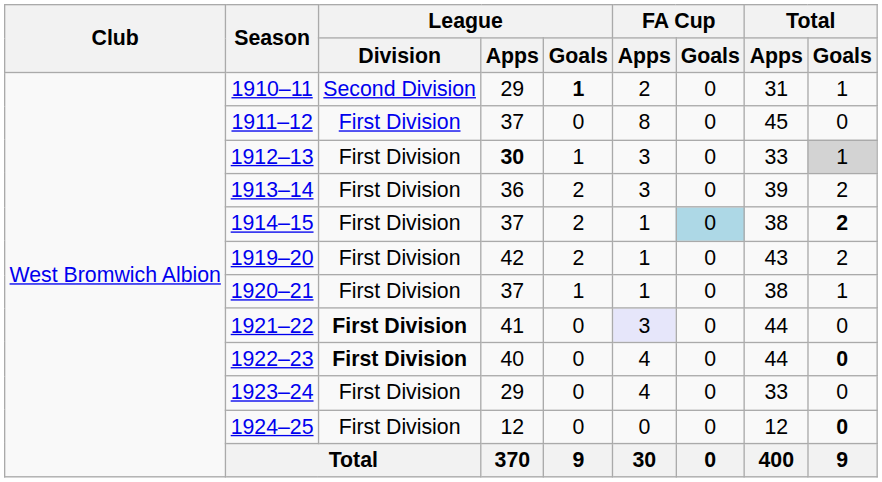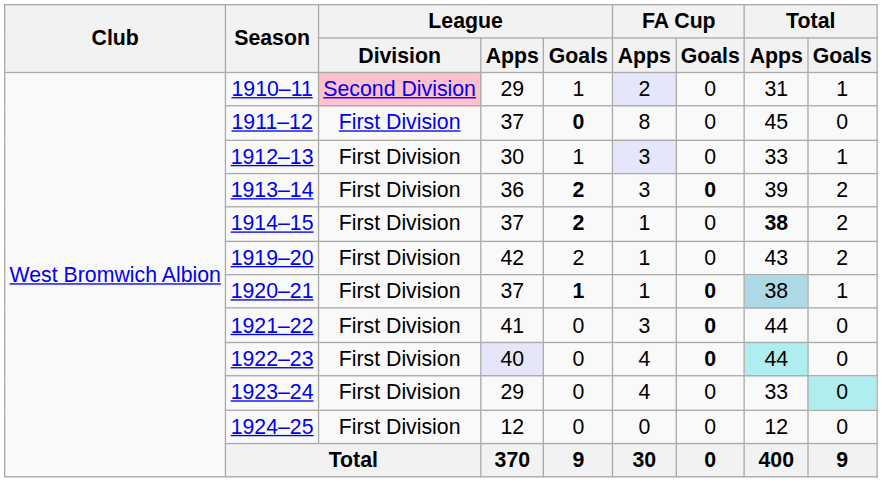 <table class="wikitable" style="text-align: center;">
 <tr>
 <th rowspan="2">Club</th>
 <th rowspan="2">Season</th>
 <th colspan="3">League</th>
 <th colspan="2">FA Cup</th>
 <th colspan="2">Total</th>
 </tr>
 <tr>
 <th>Division</th>
 <th>Apps</th>
 <th>Goals</th>
 <th>Apps</th>
 <th>Goals</th>
 <th>Apps</th>
 <th>Goals</th>
 </tr>
 <tr>
 <td rowspan="12"><a href='#'>West Bromwich Albion</a></td>
 <td><a href='#'>1910–11</a></td>
-<td><a href='#'>Second Division</a></td>
+<td style="background: pink;"><a href='#'>Second Division</a></td>
 <td>29</td>
-<td><strong>1</strong></td>
-<td>2</td>
+<td>1</td>
+<td style="background: lavender;">2</td>
 <td>0</td>
 <td>31</td>
 <td>1</td>
 </tr>
 <tr>
 <td><a href='#'>1911–12</a></td>
 <td><a href='#'>First Division</a></td>
 <td>37</td>
-<td>0</td>
+<td><strong>0</strong></td>
 <td>8</td>
 <td>0</td>
 <td>45</td>
 <td>0</td>
 </tr>
 <tr>
 <td><a href='#'>1912–13</a></td>
 <td>First Division</td>
-<td><strong>30</strong></td>
+<td>30</td>
 <td>1</td>
-<td>3</td>
+<td style="background: lavender;">3</td>
 <td>0</td>
 <td>33</td>
-<td style="background: lightgrey;">1</td>
+<td>1</td>
 </tr>
 <tr>
 <td><a href='#'>1913–14</a></td>
 <td>First Division</td>
 <td>36</td>
-<td>2</td>
+<td><strong>2</strong></td>
 <td>3</td>
-<td>0</td>
+<td><strong>0</strong></td>
 <td>39</td>
 <td>2</td>
 </tr>
 <tr>
 <td><a href='#'>1914–15</a></td>
 <td>First Division</td>
 <td>37</td>
+<td><strong>2</strong></td>
+<td>1</td>
+<td>0</td>
+<td><strong>38</strong></td>
 <td>2</td>
-<td>1</td>
-<td style="background: lightblue;">0</td>
-<td>38</td>
-<td><strong>2</strong></td>
 </tr>
 <tr>
 <td><a href='#'>1919–20</a></td>
 <td>First Division</td>
 <td>42</td>
 <td>2</td>
 <td>1</td>
 <td>0</td>
 <td>43</td>
 <td>2</td>
 </tr>
 <tr>
 <td><a href='#'>1920–21</a></td>
 <td>First Division</td>
 <td>37</td>
+<td><strong>1</strong></td>
 <td>1</td>
-<td>1</td>
-<td>0</td>
-<td>38</td>
+<td><strong>0</strong></td>
+<td style="background: lightblue;">38</td>
 <td>1</td>
 </tr>
 <tr>
 <td><a href='#'>1921–22</a></td>
-<td><strong>First Division</strong></td>
+<td>First Division</td>
 <td>41</td>
 <td>0</td>
-<td style="background: lavender;">3</td>
-<td>0</td>
+<td>3</td>
+<td><strong>0</strong></td>
 <td>44</td>
 <td>0</td>
 </tr>
 <tr>
 <td><a href='#'>1922–23</a></td>
-<td><strong>First Division</strong></td>
-<td>40</td>
+<td>First Division</td>
+<td style="background: lavender;">40</td>
 <td>0</td>
 <td>4</td>
+<td><strong>0</strong></td>
+<td style="background: paleturquoise;">44</td>
 <td>0</td>
-<td>44</td>
-<td><strong>0</strong></td>
 </tr>
 <tr>
 <td><a href='#'>1923–24</a></td>
 <td>First Division</td>
 <td>29</td>
 <td>0</td>
 <td>4</td>
 <td>0</td>
 <td>33</td>
-<td>0</td>
+<td style="background: paleturquoise;">0</td>
 </tr>
 <tr>
 <td><a href='#'>1924–25</a></td>
 <td>First Division</td>
 <td>12</td>
 <td>0</td>
 <td>0</td>
 <td>0</td>
 <td>12</td>
-<td><strong>0</strong></td>
+<td>0</td>
 </tr>
 <tr>
 <th colspan="2">Total</th>
 <th>370</th>
 <th>9</th>
 <th>30</th>
 <th>0</th>
 <th>400</th>
 <th>9</th>
 </tr>
 </table>
